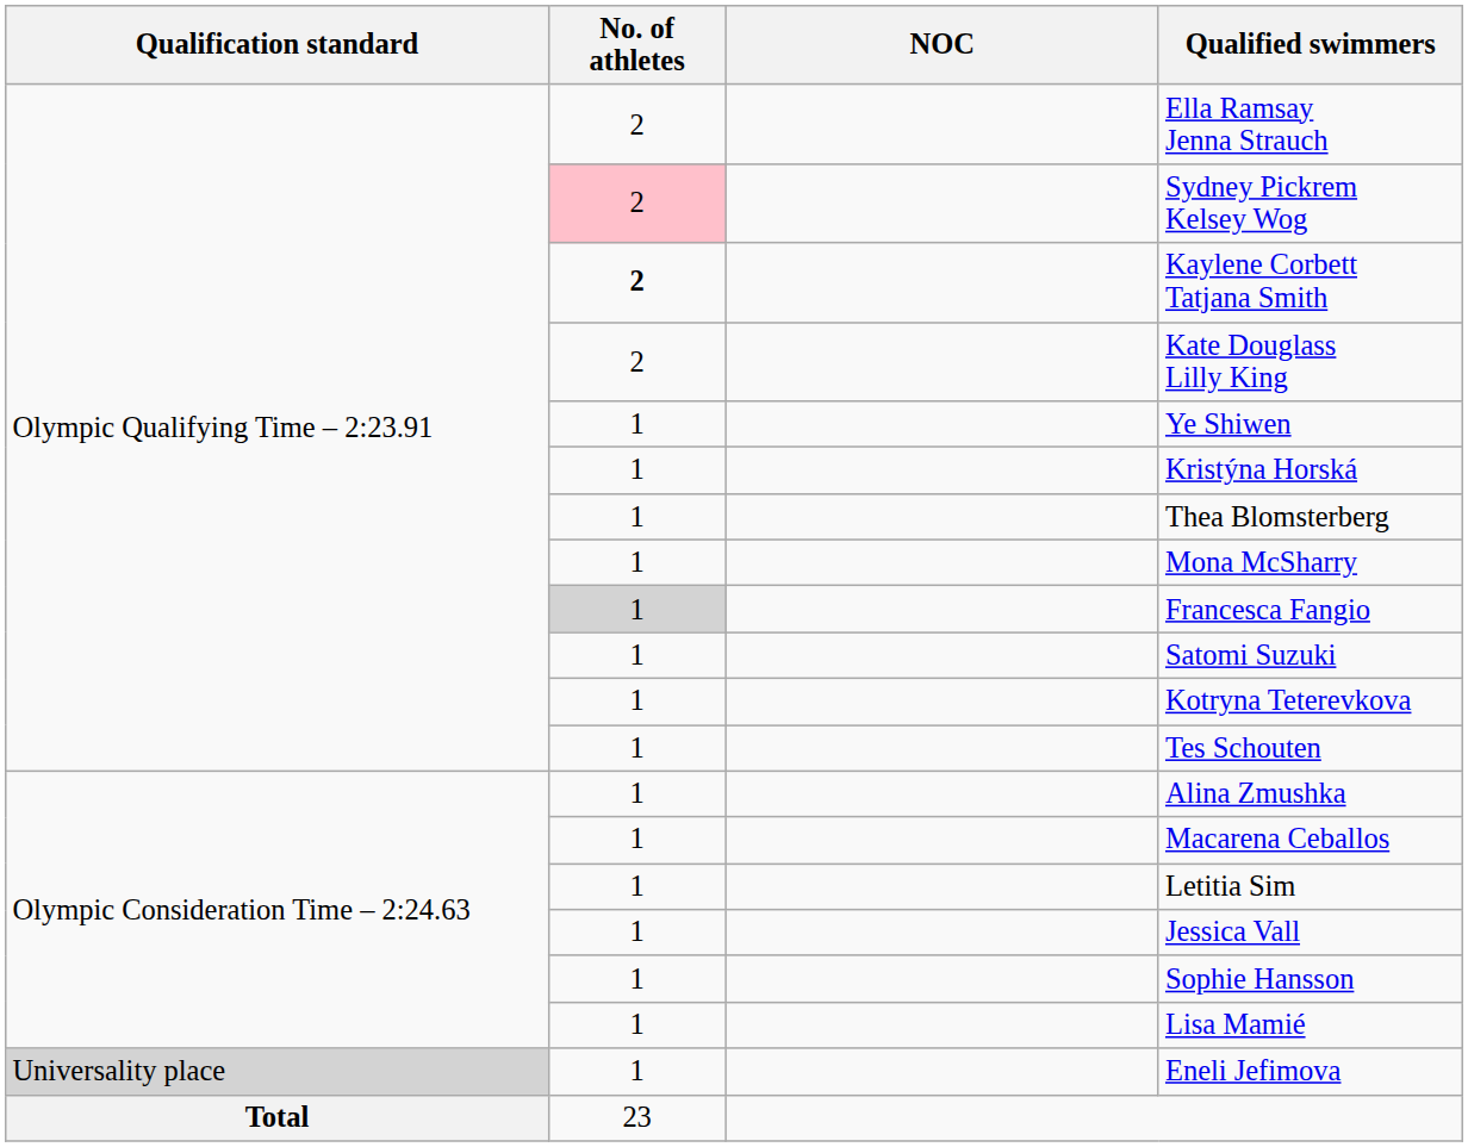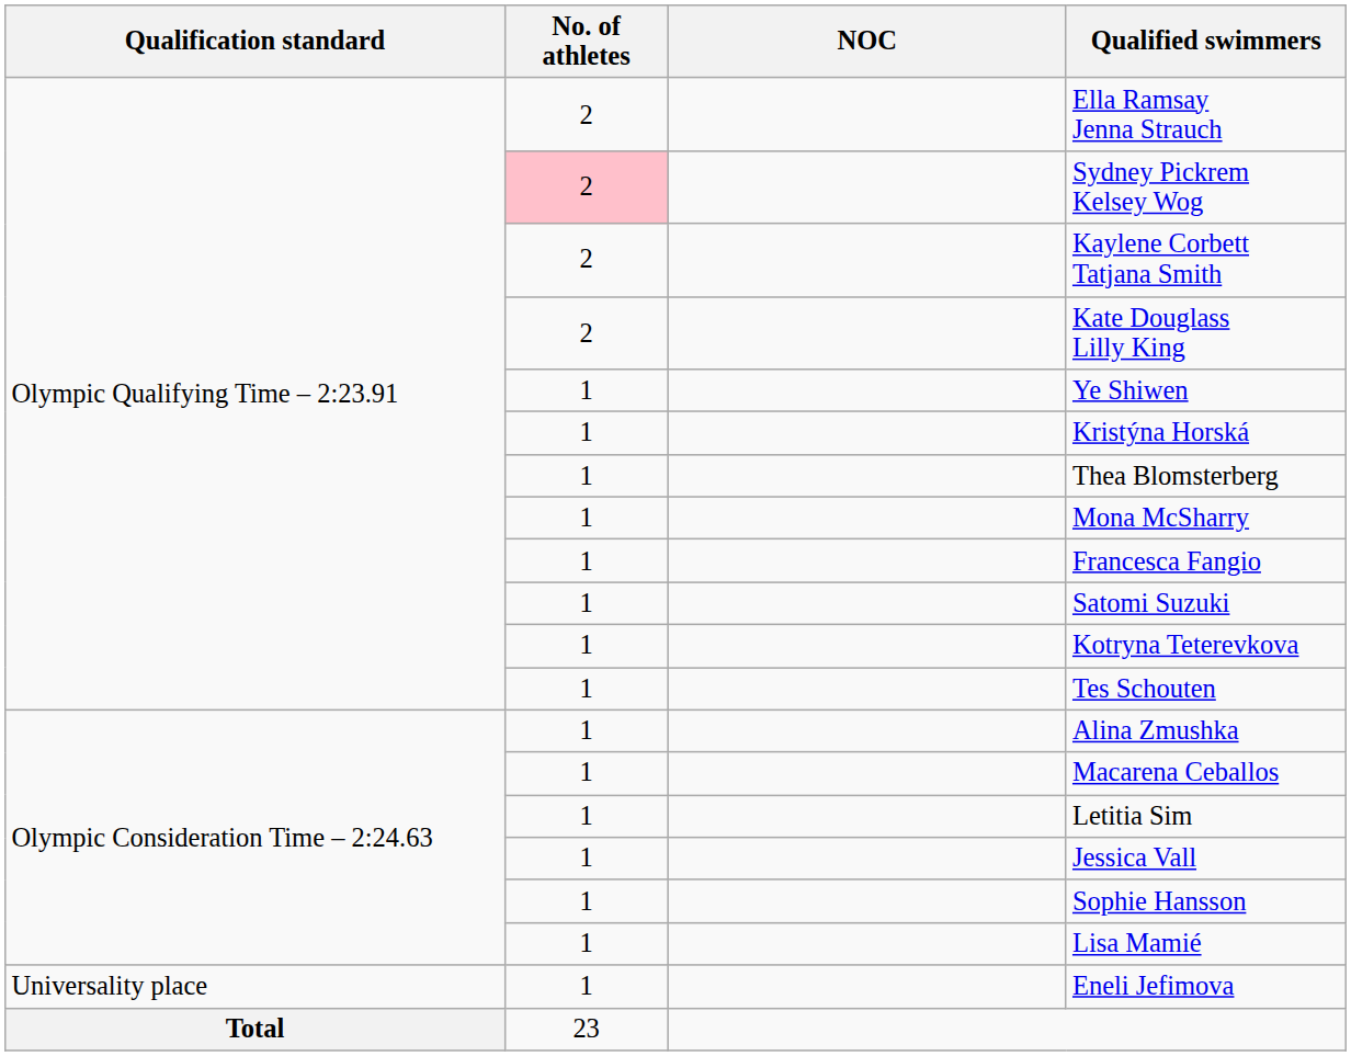 <table class=wikitable style="text-align:left" width=800>
 <tr>
 <th scope="col">Qualification standard</th>
 <th scope="col" width =90>No. of athletes</th>
 <th scope="col" width =230>NOC</th>
 <th scope="col">Qualified swimmers</th>
 </tr>
 <tr>
 <td rowspan=12>Olympic Qualifying Time – 2:23.91</td>
 <td align=center>2</td>
 <td></td>
 <td><a href='#'>Ella Ramsay</a><br><a href='#'>Jenna Strauch</a></td>
 </tr>
 <tr>
 <td align=center style="background: pink;">2</td>
 <td></td>
 <td><a href='#'>Sydney Pickrem</a><br><a href='#'>Kelsey Wog</a></td>
 </tr>
 <tr>
-<td align=center><strong>2</strong></td>
+<td align=center>2</td>
 <td></td>
 <td><a href='#'>Kaylene Corbett</a><br><a href='#'>Tatjana Smith</a></td>
 </tr>
 <tr>
 <td align=center>2</td>
 <td></td>
 <td><a href='#'>Kate Douglass</a><br><a href='#'>Lilly King</a></td>
 </tr>
 <tr>
 <td align=center>1</td>
 <td></td>
 <td><a href='#'>Ye Shiwen</a></td>
 </tr>
 <tr>
 <td align=center>1</td>
 <td></td>
 <td><a href='#'>Kristýna Horská</a></td>
 </tr>
 <tr>
 <td align=center>1</td>
 <td></td>
 <td>Thea Blomsterberg</td>
 </tr>
 <tr>
 <td align=center>1</td>
 <td></td>
 <td><a href='#'>Mona McSharry</a></td>
 </tr>
 <tr>
-<td align=center style="background: lightgrey;">1</td>
+<td align=center>1</td>
 <td></td>
 <td><a href='#'>Francesca Fangio</a></td>
 </tr>
 <tr>
 <td align=center>1</td>
 <td></td>
 <td><a href='#'>Satomi Suzuki</a></td>
 </tr>
 <tr>
 <td align=center>1</td>
 <td></td>
 <td><a href='#'>Kotryna Teterevkova</a></td>
 </tr>
 <tr>
 <td align=center>1</td>
 <td></td>
 <td><a href='#'>Tes Schouten</a></td>
 </tr>
 <tr>
 <td rowspan=6>Olympic Consideration Time – 2:24.63</td>
 <td align=center>1</td>
 <td></td>
 <td><a href='#'>Alina Zmushka</a></td>
 </tr>
 <tr>
 <td align=center>1</td>
 <td></td>
 <td><a href='#'>Macarena Ceballos</a></td>
 </tr>
 <tr>
 <td align=center>1</td>
 <td></td>
 <td>Letitia Sim</td>
 </tr>
 <tr>
 <td align=center>1</td>
 <td></td>
 <td><a href='#'>Jessica Vall</a></td>
 </tr>
 <tr>
 <td align=center>1</td>
 <td></td>
 <td><a href='#'>Sophie Hansson</a></td>
 </tr>
 <tr>
 <td align=center>1</td>
 <td></td>
 <td><a href='#'>Lisa Mamié</a></td>
 </tr>
 <tr>
-<td rowspan=1 style="background: lightgrey;">Universality place</td>
+<td rowspan=1>Universality place</td>
 <td align=center>1</td>
 <td></td>
 <td><a href='#'>Eneli Jefimova</a></td>
 </tr>
 <tr>
 <th scope="row">Total</th>
 <td align=center>23</td>
 <td colspan=2></td>
 </tr>
 </table>
